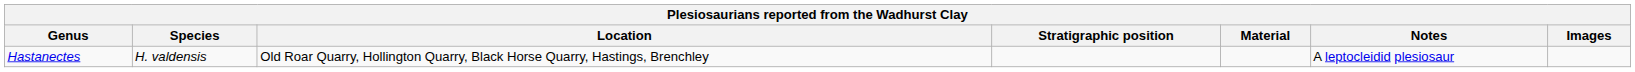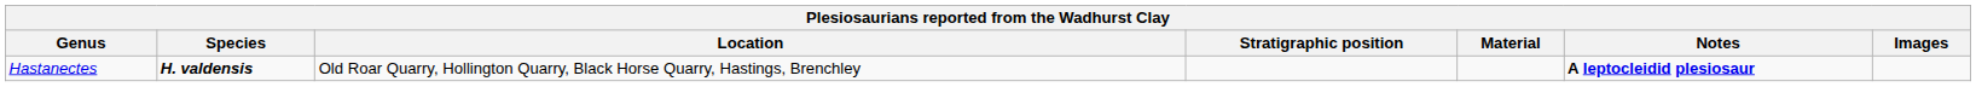 <table class="wikitable" align="center" width="100%">
 <tr>
 <th colspan="7" align="center"><strong>Plesiosaurians reported from the Wadhurst Clay</strong></th>
 </tr>
 <tr>
 <th>Genus</th>
 <th>Species</th>
 <th>Location</th>
 <th>Stratigraphic position</th>
 <th>Material</th>
 <th>Notes</th>
 <th>Images</th>
 </tr>
 <tr>
 <td><em><a href='#'>Hastanectes</a></em></td>
-<td><em>H. valdensis</em></td>
+<td><strong><em>H. valdensis</em></strong></td>
 <td>Old Roar Quarry, Hollington Quarry, Black Horse Quarry, Hastings, Brenchley</td>
 <td></td>
 <td></td>
-<td>A <a href='#'>leptocleidid</a> <a href='#'>plesiosaur</a></td>
+<td><strong>A <a href='#'>leptocleidid</a> <a href='#'>plesiosaur</a></strong></td>
 <td></td>
 </tr>
 </table>
